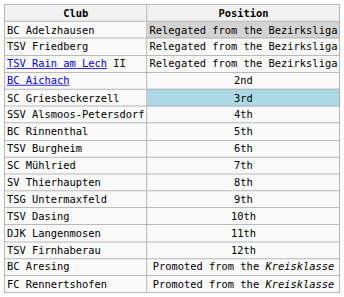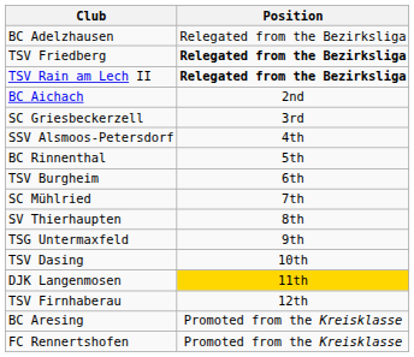 <table class="wikitable sortable" style="text-align:center">
 <tr>
 <th>Club</th>
 <th>Position</th>
 </tr>
 <tr>
 <td style="text-align:left;">BC Adelzhausen</td>
-<td style="background: lightgrey;">Relegated from the Bezirksliga</td>
+<td>Relegated from the Bezirksliga</td>
 </tr>
 <tr>
 <td style="text-align:left;">TSV Friedberg</td>
-<td>Relegated from the Bezirksliga</td>
+<td><strong>Relegated from the Bezirksliga</strong></td>
 </tr>
 <tr>
 <td style="text-align:left;"><a href='#'>TSV Rain am Lech</a> II</td>
-<td>Relegated from the Bezirksliga</td>
+<td><strong>Relegated from the Bezirksliga</strong></td>
 </tr>
 <tr>
 <td style="text-align:left;"><a href='#'>BC Aichach</a></td>
 <td>2nd</td>
 </tr>
 <tr>
 <td style="text-align:left;">SC Griesbeckerzell</td>
-<td style="background: lightblue;">3rd</td>
+<td>3rd</td>
 </tr>
 <tr>
 <td style="text-align:left;">SSV Alsmoos-Petersdorf</td>
 <td>4th</td>
 </tr>
 <tr>
 <td style="text-align:left;">BC Rinnenthal</td>
 <td>5th</td>
 </tr>
 <tr>
 <td style="text-align:left;">TSV Burgheim</td>
 <td>6th</td>
 </tr>
 <tr>
 <td style="text-align:left;">SC Mühlried</td>
 <td>7th</td>
 </tr>
 <tr>
 <td style="text-align:left;">SV Thierhaupten</td>
 <td>8th</td>
 </tr>
 <tr>
 <td style="text-align:left;">TSG Untermaxfeld</td>
 <td>9th</td>
 </tr>
 <tr>
 <td style="text-align:left;">TSV Dasing</td>
 <td>10th</td>
 </tr>
 <tr>
 <td style="text-align:left;">DJK Langenmosen</td>
-<td>11th</td>
+<td style="background: gold;">11th</td>
 </tr>
 <tr>
 <td style="text-align:left;">TSV Firnhaberau</td>
 <td>12th</td>
 </tr>
 <tr>
 <td style="text-align:left;">BC Aresing</td>
 <td>Promoted from the <em>Kreisklasse</em></td>
 </tr>
 <tr>
 <td style="text-align:left;">FC Rennertshofen</td>
 <td>Promoted from the <em>Kreisklasse</em></td>
 </tr>
 </table>
